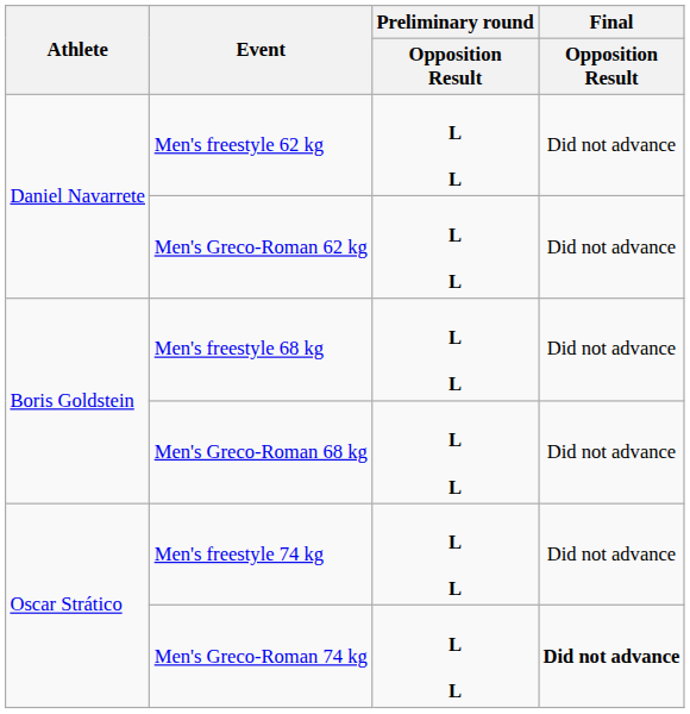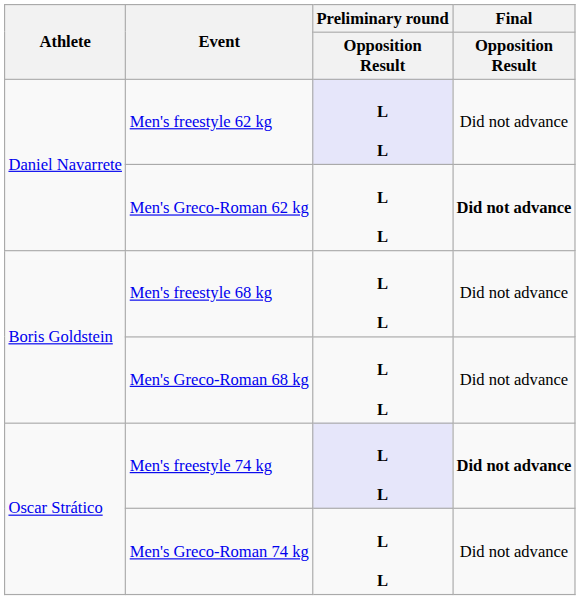 <table class="wikitable" border="1" style="font-size:90%">
 <tr>
 <th rowspan=2>Athlete</th>
 <th rowspan=2>Event</th>
 <th>Preliminary round</th>
 <th>Final</th>
 </tr>
 <tr>
 <th>Opposition<br>Result</th>
 <th>Opposition<br>Result</th>
 </tr>
 <tr>
 <td rowspan=2><a href='#'>Daniel Navarrete</a></td>
 <td><a href='#'>Men's freestyle 62 kg</a></td>
-<td align=center> <br> <strong>L</strong><br> <br> <strong>L</strong></td>
+<td align=center style="background: lavender;"> <br> <strong>L</strong><br> <br> <strong>L</strong></td>
 <td align=center>Did not advance</td>
 </tr>
 <tr>
 <td><a href='#'>Men's Greco-Roman 62 kg</a></td>
 <td align=center> <br> <strong>L</strong><br> <br> <strong>L</strong></td>
-<td align=center>Did not advance</td>
+<td align=center><strong>Did not advance</strong></td>
 </tr>
 <tr>
 <td rowspan=2><a href='#'>Boris Goldstein</a></td>
 <td><a href='#'>Men's freestyle 68 kg</a></td>
 <td align=center> <br> <strong>L</strong><br> <br> <strong>L</strong></td>
 <td align=center>Did not advance</td>
 </tr>
 <tr>
 <td><a href='#'>Men's Greco-Roman 68 kg</a></td>
 <td align=center> <br> <strong>L</strong><br> <br> <strong>L</strong></td>
 <td align=center>Did not advance</td>
 </tr>
 <tr>
 <td rowspan=2><a href='#'>Oscar Strático</a></td>
 <td><a href='#'>Men's freestyle 74 kg</a></td>
-<td align=center> <br> <strong>L</strong><br> <br> <strong>L</strong></td>
-<td align=center>Did not advance</td>
+<td align=center style="background: lavender;"> <br> <strong>L</strong><br> <br> <strong>L</strong></td>
+<td align=center><strong>Did not advance</strong></td>
 </tr>
 <tr>
 <td><a href='#'>Men's Greco-Roman 74 kg</a></td>
 <td align=center> <br> <strong>L</strong><br> <br> <strong>L</strong></td>
-<td align=center><strong>Did not advance</strong></td>
+<td align=center>Did not advance</td>
 </tr>
 </table>
